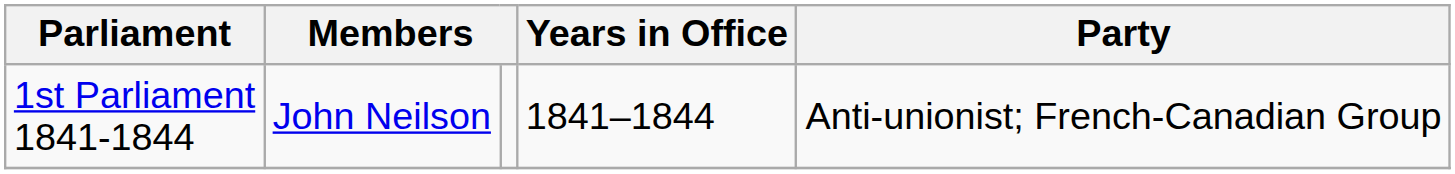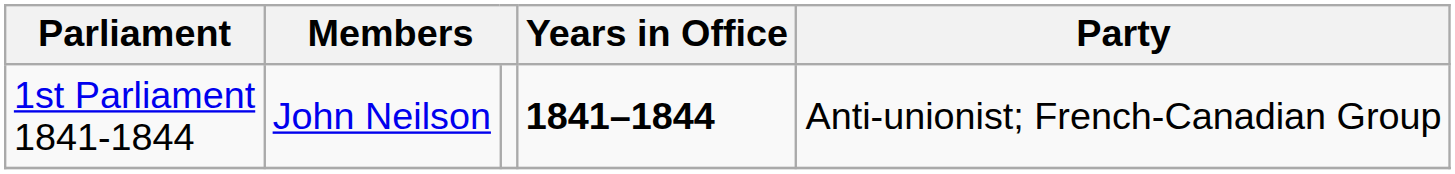 <table class="wikitable">
 <tr>
 <th>Parliament</th>
 <th colspan="2">Members</th>
 <th>Years in Office</th>
 <th>Party</th>
 </tr>
 <tr>
 <td><a href='#'>1st Parliament</a><br>1841-1844</td>
 <td><a href='#'>John Neilson</a></td>
 <td></td>
-<td>1841–1844</td>
+<td><strong>1841–1844</strong></td>
 <td>Anti-unionist;  French-Canadian Group</td>
 </tr>
 <tr>
 </tr>
 </table>
